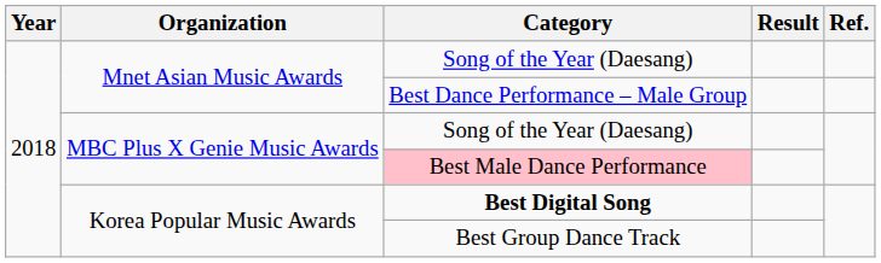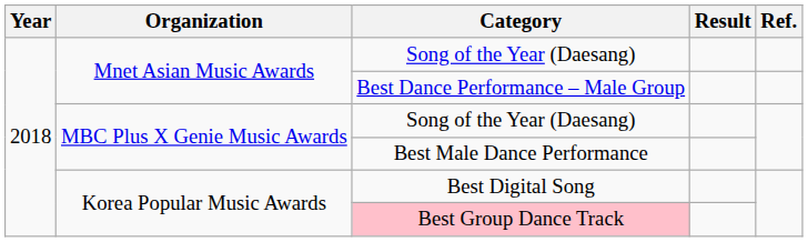 <table class="wikitable" style="text-align:center">
 <tr>
 <th>Year</th>
 <th>Organization</th>
 <th>Category</th>
 <th>Result</th>
 <th>Ref.</th>
 </tr>
 <tr>
 <td rowspan="6">2018</td>
 <td rowspan="2"><a href='#'>Mnet Asian Music Awards</a></td>
 <td><a href='#'>Song of the Year</a> (Daesang)</td>
 <td></td>
 <td></td>
 </tr>
 <tr>
 <td><a href='#'>Best Dance Performance – Male Group</a></td>
 <td></td>
 <td></td>
 </tr>
 <tr>
 <td rowspan="2"><a href='#'>MBC Plus X Genie Music Awards</a></td>
 <td>Song of the Year (Daesang)</td>
 <td></td>
 <td rowspan="2"></td>
 </tr>
 <tr>
-<td style="background: pink;">Best Male Dance Performance</td>
+<td>Best Male Dance Performance</td>
 <td></td>
 </tr>
 <tr>
 <td rowspan="2">Korea Popular Music Awards</td>
-<td><strong>Best Digital Song</strong></td>
+<td>Best Digital Song</td>
 <td></td>
 <td rowspan="2"></td>
 </tr>
 <tr>
-<td>Best Group Dance Track</td>
+<td style="background: pink;">Best Group Dance Track</td>
 <td></td>
 </tr>
 </table>
